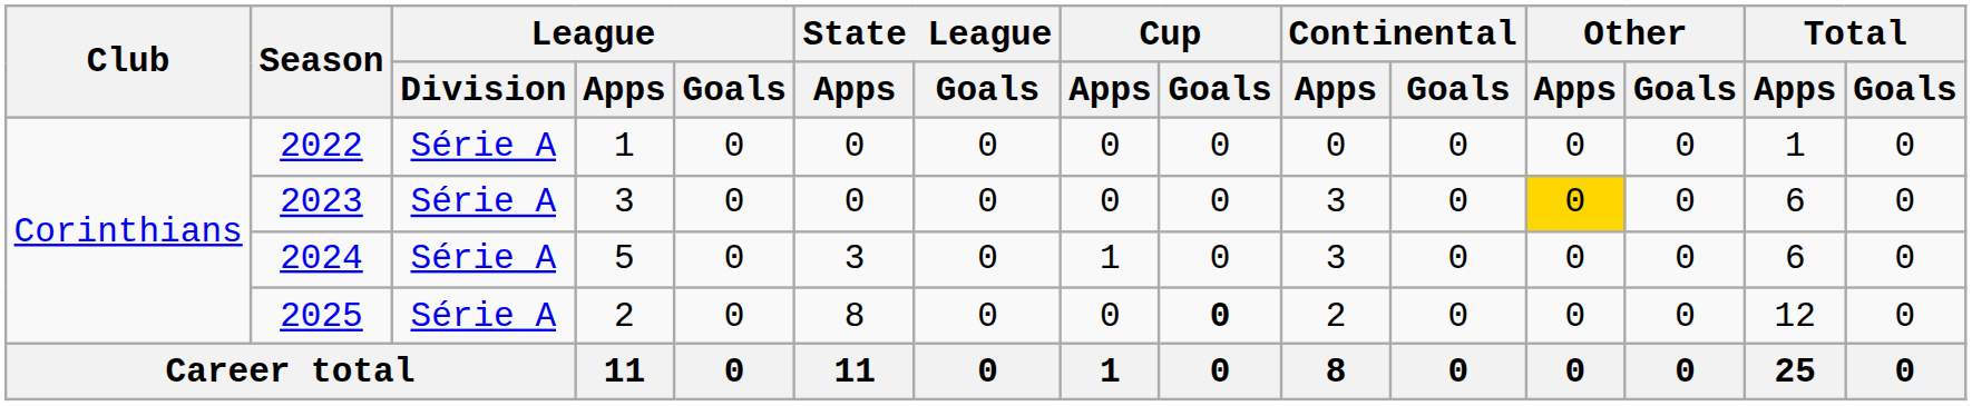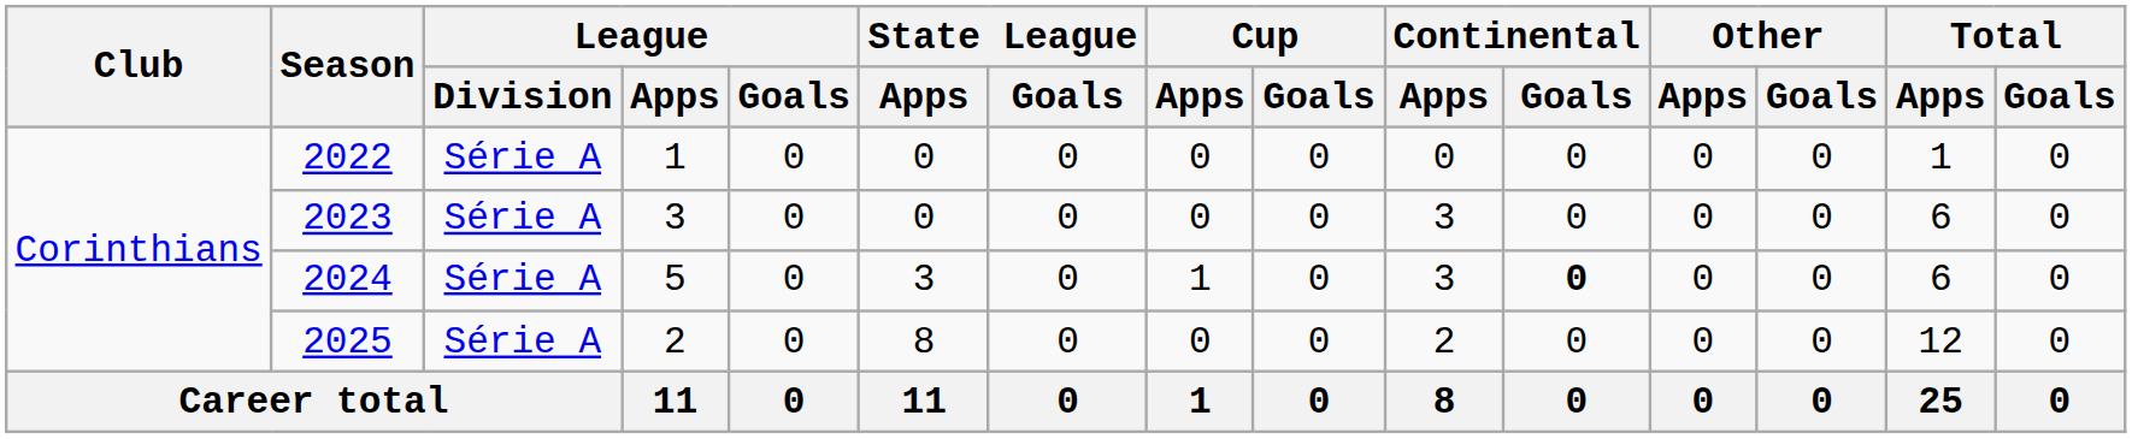 <table class="wikitable" style="text-align: center">
 <tr>
 <th rowspan="2">Club</th>
 <th rowspan="2">Season</th>
 <th colspan="3">League</th>
 <th colspan="2">State League</th>
 <th colspan="2">Cup</th>
 <th colspan="2">Continental</th>
 <th colspan="2">Other</th>
 <th colspan="2">Total</th>
 </tr>
 <tr>
 <th>Division</th>
 <th>Apps</th>
 <th>Goals</th>
 <th>Apps</th>
 <th>Goals</th>
 <th>Apps</th>
 <th>Goals</th>
 <th>Apps</th>
 <th>Goals</th>
 <th>Apps</th>
 <th>Goals</th>
 <th>Apps</th>
 <th>Goals</th>
 </tr>
 <tr>
 <td rowspan="4"><a href='#'>Corinthians</a></td>
 <td><a href='#'>2022</a></td>
 <td><a href='#'>Série A</a></td>
 <td>1</td>
 <td>0</td>
 <td>0</td>
 <td>0</td>
 <td>0</td>
 <td>0</td>
 <td>0</td>
 <td>0</td>
 <td>0</td>
 <td>0</td>
 <td>1</td>
 <td>0</td>
 </tr>
 <tr>
 <td><a href='#'>2023</a></td>
 <td><a href='#'>Série A</a></td>
 <td>3</td>
 <td>0</td>
 <td>0</td>
 <td>0</td>
 <td>0</td>
 <td>0</td>
 <td>3</td>
 <td>0</td>
-<td style="background: gold;">0</td>
+<td>0</td>
 <td>0</td>
 <td>6</td>
 <td>0</td>
 </tr>
 <tr>
 <td><a href='#'>2024</a></td>
 <td><a href='#'>Série A</a></td>
 <td>5</td>
 <td>0</td>
 <td>3</td>
 <td>0</td>
 <td>1</td>
 <td>0</td>
 <td>3</td>
-<td>0</td>
+<td><strong>0</strong></td>
 <td>0</td>
 <td>0</td>
 <td>6</td>
 <td>0</td>
 </tr>
 <tr>
 <td><a href='#'>2025</a></td>
 <td><a href='#'>Série A</a></td>
 <td>2</td>
 <td>0</td>
 <td>8</td>
 <td>0</td>
 <td>0</td>
-<td><strong>0</strong></td>
+<td>0</td>
 <td>2</td>
 <td>0</td>
 <td>0</td>
 <td>0</td>
 <td>12</td>
 <td>0</td>
 </tr>
 <tr>
 <th colspan="3"><strong>Career total</strong></th>
 <th>11</th>
 <th>0</th>
 <th>11</th>
 <th>0</th>
 <th>1</th>
 <th>0</th>
 <th>8</th>
 <th>0</th>
 <th>0</th>
 <th>0</th>
 <th>25</th>
 <th>0</th>
 </tr>
 </table>
